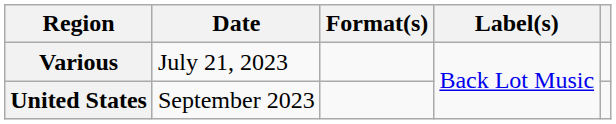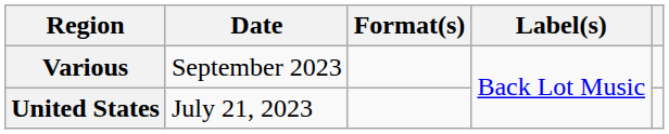 <table class="wikitable plainrowheaders">
 <tr>
 <th scope="col">Region</th>
 <th scope="col">Date</th>
 <th scope="col">Format(s)</th>
 <th scope="col">Label(s)</th>
 <th scope="col"></th>
 </tr>
 <tr>
 <th scope="row">Various</th>
-<td>July 21, 2023</td>
+<td>September 2023</td>
 <td></td>
 <td rowspan="2"><a href='#'>Back Lot Music</a></td>
 <td style="text-align:center;"></td>
 </tr>
 <tr>
 <th scope="row">United States</th>
-<td>September 2023</td>
+<td>July 21, 2023</td>
 <td></td>
 <td style="text-align:center;"></td>
 </tr>
 </table>
